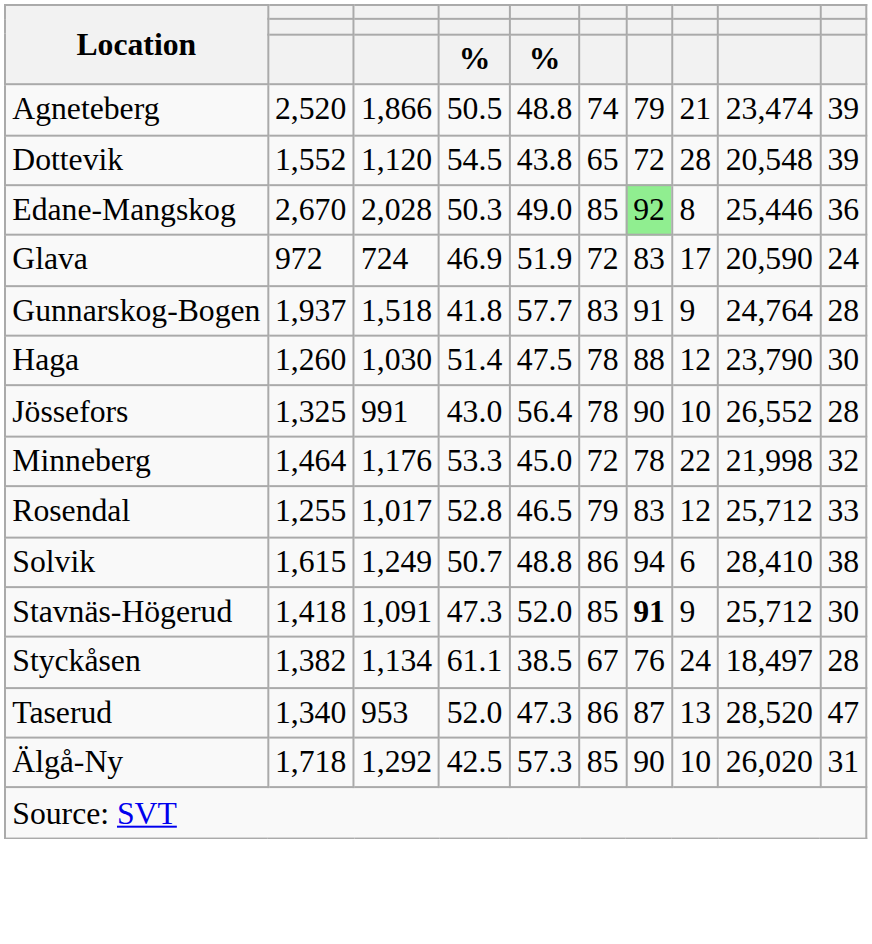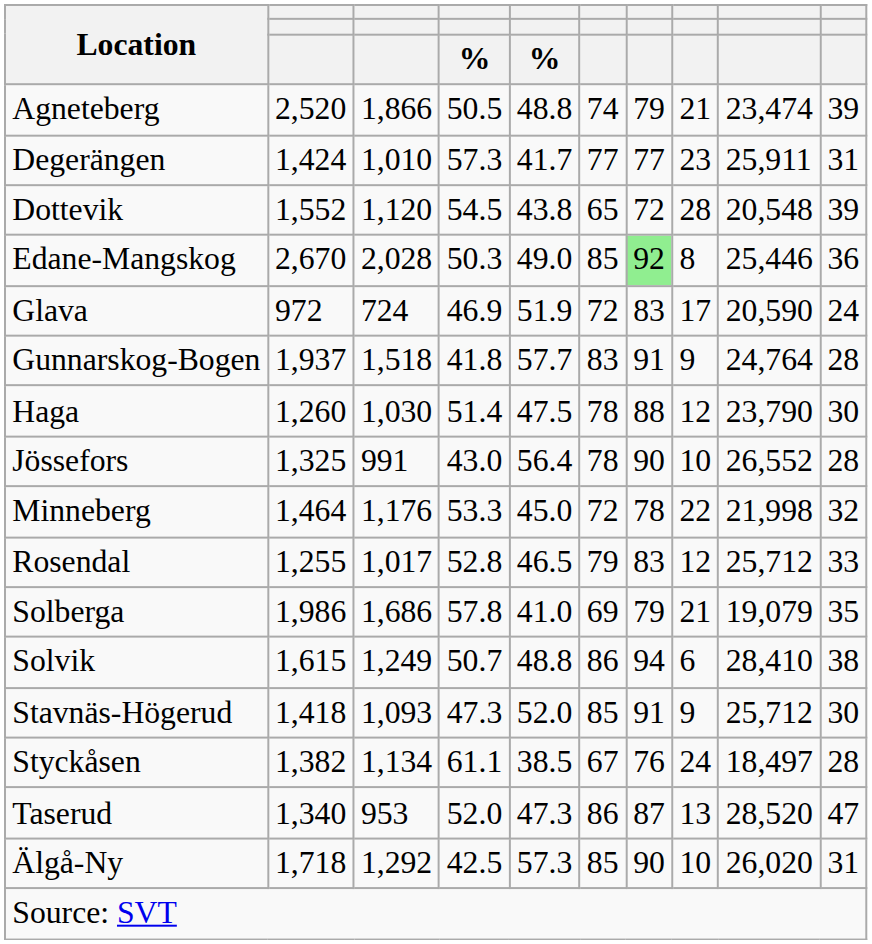 <table role="presentation" class="wikitable sortable mw-collapsible">
 <tr>
 <th rowspan="3">Location</th>
 <th></th>
 <th></th>
 <th></th>
 <th></th>
 <th></th>
 <th></th>
 <th></th>
 <th></th>
 <th></th>
 </tr>
 <tr>
 <th></th>
 <th></th>
 <th style="background:"></th>
 <th style="background:"></th>
 <th></th>
 <th></th>
 <th></th>
 <th></th>
 <th></th>
 </tr>
 <tr>
 <th data-sort-type="number"></th>
 <th data-sort-type="number"></th>
 <th data-sort-type="number">%</th>
 <th data-sort-type="number">%</th>
 <th data-sort-type="number"></th>
 <th data-sort-type="number"></th>
 <th data-sort-type="number"></th>
 <th data-sort-type="number"></th>
 <th data-sort-type="number"></th>
 </tr>
 <tr>
 <td align="left">Agneteberg</td>
 <td>2,520</td>
 <td>1,866</td>
 <td>50.5</td>
 <td>48.8</td>
 <td>74</td>
 <td>79</td>
 <td>21</td>
 <td>23,474</td>
 <td>39</td>
+</tr>
+<tr>
+<td align="left">Degerängen</td>
+<td>1,424</td>
+<td>1,010</td>
+<td>57.3</td>
+<td>41.7</td>
+<td>77</td>
+<td>77</td>
+<td>23</td>
+<td>25,911</td>
+<td>31</td>
 </tr>
 <tr>
 <td align="left">Dottevik</td>
 <td>1,552</td>
 <td>1,120</td>
 <td>54.5</td>
 <td>43.8</td>
 <td>65</td>
 <td>72</td>
 <td>28</td>
 <td>20,548</td>
 <td>39</td>
 </tr>
 <tr>
 <td align="left">Edane-Mangskog</td>
 <td>2,670</td>
 <td>2,028</td>
 <td>50.3</td>
 <td>49.0</td>
 <td>85</td>
 <td style="background: lightgreen;">92</td>
 <td>8</td>
 <td>25,446</td>
 <td>36</td>
 </tr>
 <tr>
 <td align="left">Glava</td>
 <td>972</td>
 <td>724</td>
 <td>46.9</td>
 <td>51.9</td>
 <td>72</td>
 <td>83</td>
 <td>17</td>
 <td>20,590</td>
 <td>24</td>
 </tr>
 <tr>
 <td align="left">Gunnarskog-Bogen</td>
 <td>1,937</td>
 <td>1,518</td>
 <td>41.8</td>
 <td>57.7</td>
 <td>83</td>
 <td>91</td>
 <td>9</td>
 <td>24,764</td>
 <td>28</td>
 </tr>
 <tr>
 <td align="left">Haga</td>
 <td>1,260</td>
 <td>1,030</td>
 <td>51.4</td>
 <td>47.5</td>
 <td>78</td>
 <td>88</td>
 <td>12</td>
 <td>23,790</td>
 <td>30</td>
 </tr>
 <tr>
 <td align="left">Jössefors</td>
 <td>1,325</td>
 <td>991</td>
 <td>43.0</td>
 <td>56.4</td>
 <td>78</td>
 <td>90</td>
 <td>10</td>
 <td>26,552</td>
 <td>28</td>
 </tr>
 <tr>
 <td align="left">Minneberg</td>
 <td>1,464</td>
 <td>1,176</td>
 <td>53.3</td>
 <td>45.0</td>
 <td>72</td>
 <td>78</td>
 <td>22</td>
 <td>21,998</td>
 <td>32</td>
 </tr>
 <tr>
 <td align="left">Rosendal</td>
 <td>1,255</td>
 <td>1,017</td>
 <td>52.8</td>
 <td>46.5</td>
 <td>79</td>
 <td>83</td>
 <td>12</td>
 <td>25,712</td>
 <td>33</td>
 </tr>
 <tr>
+<td align="left">Solberga</td>
+<td>1,986</td>
+<td>1,686</td>
+<td>57.8</td>
+<td>41.0</td>
+<td>69</td>
+<td>79</td>
+<td>21</td>
+<td>19,079</td>
+<td>35</td>
+</tr>
+<tr>
 <td align="left">Solvik</td>
 <td>1,615</td>
 <td>1,249</td>
 <td>50.7</td>
 <td>48.8</td>
 <td>86</td>
 <td>94</td>
 <td>6</td>
 <td>28,410</td>
 <td>38</td>
 </tr>
 <tr>
 <td align="left">Stavnäs-Högerud</td>
 <td>1,418</td>
-<td>1,091</td>
+<td>1,093</td>
 <td>47.3</td>
 <td>52.0</td>
 <td>85</td>
-<td><strong>91</strong></td>
+<td>91</td>
 <td>9</td>
 <td>25,712</td>
 <td>30</td>
 </tr>
 <tr>
 <td align="left">Styckåsen</td>
 <td>1,382</td>
 <td>1,134</td>
 <td>61.1</td>
 <td>38.5</td>
 <td>67</td>
 <td>76</td>
 <td>24</td>
 <td>18,497</td>
 <td>28</td>
 </tr>
 <tr>
 <td align="left">Taserud</td>
 <td>1,340</td>
 <td>953</td>
 <td>52.0</td>
 <td>47.3</td>
 <td>86</td>
 <td>87</td>
 <td>13</td>
 <td>28,520</td>
 <td>47</td>
 </tr>
 <tr>
 <td align="left">Älgå-Ny</td>
 <td>1,718</td>
 <td>1,292</td>
 <td>42.5</td>
 <td>57.3</td>
 <td>85</td>
 <td>90</td>
 <td>10</td>
 <td>26,020</td>
 <td>31</td>
 </tr>
 <tr>
 <td colspan="10" align="left">Source: <a href='#'>SVT</a></td>
 </tr>
 </table>
